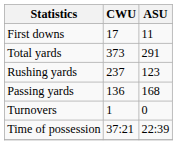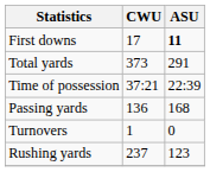 <table class="wikitable" style="float: left;">
 <tr>
 <th>Statistics</th>
 <th>CWU</th>
 <th>ASU</th>
 </tr>
 <tr>
 <td>First downs</td>
 <td>17</td>
-<td>11</td>
+<td><strong>11</strong></td>
 </tr>
 <tr>
 <td>Total yards</td>
 <td>373</td>
 <td>291</td>
 </tr>
 <tr>
-<td>Rushing yards</td>
-<td>237</td>
-<td>123</td>
+<td>Time of possession</td>
+<td>37:21</td>
+<td>22:39</td>
 </tr>
 <tr>
 <td>Passing yards</td>
 <td>136</td>
 <td>168</td>
 </tr>
 <tr>
 <td>Turnovers</td>
 <td>1</td>
 <td>0</td>
 </tr>
 <tr>
-<td>Time of possession</td>
-<td>37:21</td>
-<td>22:39</td>
+<td>Rushing yards</td>
+<td>237</td>
+<td>123</td>
 </tr>
 <tr>
 </tr>
 </table>
